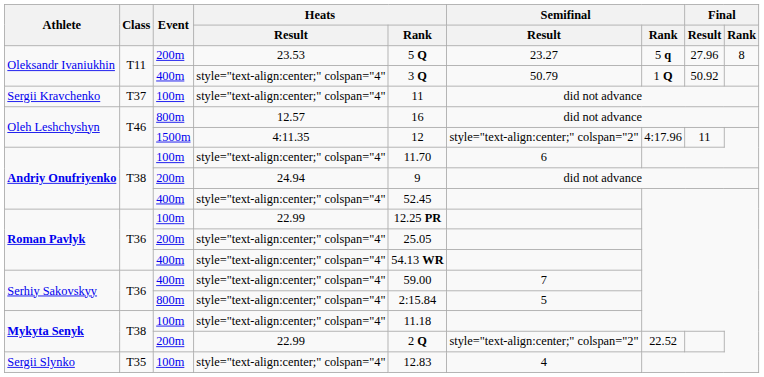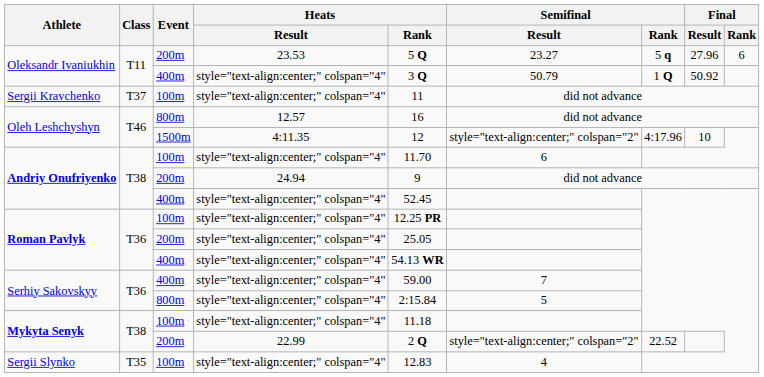 <table class=wikitable style="font-size:90%">
 <tr>
 <th rowspan="2">Athlete</th>
 <th rowspan="2">Class</th>
 <th rowspan="2">Event</th>
 <th colspan="2">Heats</th>
 <th colspan="2">Semifinal</th>
 <th colspan="2">Final</th>
 </tr>
 <tr>
 <th>Result</th>
 <th>Rank</th>
 <th>Result</th>
 <th>Rank</th>
 <th>Result</th>
 <th>Rank</th>
 </tr>
 <tr>
 <td rowspan="2"><a href='#'>Oleksandr Ivaniukhin</a></td>
 <td rowspan="2" style="text-align:center;">T11</td>
 <td><a href='#'>200m</a></td>
 <td style="text-align:center;">23.53</td>
 <td style="text-align:center;">5 <strong>Q</strong></td>
 <td style="text-align:center;">23.27</td>
 <td style="text-align:center;">5 <strong>q</strong></td>
 <td style="text-align:center;">27.96</td>
-<td style="text-align:center;">8</td>
+<td style="text-align:center;">6</td>
 </tr>
 <tr>
 <td><a href='#'>400m</a></td>
 <td>style="text-align:center;" colspan="4" </td>
 <td style="text-align:center;">3 <strong>Q</strong></td>
 <td style="text-align:center;">50.79</td>
 <td style="text-align:center;">1 <strong>Q</strong></td>
 <td style="text-align:center;">50.92</td>
 <td style="text-align:center;"></td>
 </tr>
 <tr>
 <td><a href='#'>Sergii Kravchenko</a></td>
 <td style="text-align:center;">T37</td>
 <td><a href='#'>100m</a></td>
 <td>style="text-align:center;" colspan="4" </td>
 <td style="text-align:center;">11</td>
 <td style="text-align:center;" colspan="4">did not advance</td>
 </tr>
 <tr>
 <td rowspan="2"><a href='#'>Oleh Leshchyshyn</a></td>
 <td rowspan="2" style="text-align:center;">T46</td>
 <td><a href='#'>800m</a></td>
 <td style="text-align:center;">12.57</td>
 <td style="text-align:center;">16</td>
 <td style="text-align:center;" colspan="4">did not advance</td>
 </tr>
 <tr>
 <td><a href='#'>1500m</a></td>
 <td style="text-align:center;">4:11.35</td>
 <td style="text-align:center;">12</td>
 <td>style="text-align:center;" colspan="2" </td>
 <td style="text-align:center;">4:17.96</td>
-<td style="text-align:center;">11</td>
+<td style="text-align:center;">10</td>
 </tr>
 <tr>
 <td rowspan="3"><strong><a href='#'>Andriy Onufriyenko</a></strong></td>
 <td rowspan="3" style="text-align:center;">T38</td>
 <td><a href='#'>100m</a></td>
 <td>style="text-align:center;" colspan="4" </td>
 <td style="text-align:center;">11.70</td>
 <td style="text-align:center;">6</td>
 </tr>
 <tr>
 <td><a href='#'>200m</a></td>
 <td style="text-align:center;">24.94</td>
 <td style="text-align:center;">9</td>
 <td style="text-align:center;" colspan="4">did not advance</td>
 </tr>
 <tr>
 <td><a href='#'>400m</a></td>
 <td>style="text-align:center;" colspan="4" </td>
 <td style="text-align:center;">52.45</td>
 <td style="text-align:center;"></td>
 </tr>
 <tr>
 <td rowspan="3"><strong><a href='#'>Roman Pavlyk</a></strong></td>
 <td rowspan="3" style="text-align:center;">T36</td>
 <td><a href='#'>100m</a></td>
-<td style="text-align:center;">22.99</td>
+<td>style="text-align:center;" colspan="4" </td>
 <td style="text-align:center;">12.25 <strong>PR</strong></td>
 <td style="text-align:center;"></td>
 </tr>
 <tr>
 <td><a href='#'>200m</a></td>
 <td>style="text-align:center;" colspan="4" </td>
 <td style="text-align:center;">25.05</td>
 <td style="text-align:center;"></td>
 </tr>
 <tr>
 <td><a href='#'>400m</a></td>
 <td>style="text-align:center;" colspan="4" </td>
 <td style="text-align:center;">54.13 <strong>WR</strong></td>
 <td style="text-align:center;"></td>
 </tr>
 <tr>
 <td rowspan="2"><a href='#'>Serhiy Sakovskyy</a></td>
 <td rowspan="2" style="text-align:center;">T36</td>
 <td><a href='#'>400m</a></td>
 <td>style="text-align:center;" colspan="4" </td>
 <td style="text-align:center;">59.00</td>
 <td style="text-align:center;">7</td>
 </tr>
 <tr>
 <td><a href='#'>800m</a></td>
 <td>style="text-align:center;" colspan="4" </td>
 <td style="text-align:center;">2:15.84</td>
 <td style="text-align:center;">5</td>
 </tr>
 <tr>
 <td rowspan="2"><strong><a href='#'>Mykyta Senyk</a></strong></td>
 <td rowspan="2" style="text-align:center;">T38</td>
 <td><a href='#'>100m</a></td>
 <td>style="text-align:center;" colspan="4" </td>
 <td style="text-align:center;">11.18</td>
 <td style="text-align:center;"></td>
 </tr>
 <tr>
 <td><a href='#'>200m</a></td>
 <td style="text-align:center;">22.99</td>
 <td style="text-align:center;">2 <strong>Q</strong></td>
 <td>style="text-align:center;" colspan="2" </td>
 <td style="text-align:center;">22.52</td>
 <td style="text-align:center;"></td>
 </tr>
 <tr>
 <td><a href='#'>Sergii Slynko</a></td>
 <td style="text-align:center;">T35</td>
 <td><a href='#'>100m</a></td>
 <td>style="text-align:center;" colspan="4" </td>
 <td style="text-align:center;">12.83</td>
 <td style="text-align:center;">4</td>
 </tr>
 </table>
